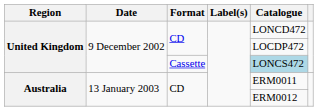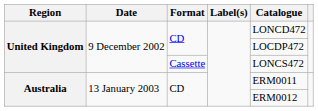 <table class="wikitable plainrowheaders">
 <tr>
 <th scope="col">Region</th>
 <th scope="col">Date</th>
 <th scope="col">Format</th>
 <th scope="col">Label(s)</th>
 <th scope="col">Catalogue</th>
 <th scope="col"></th>
 </tr>
 <tr>
 <th scope="row" rowspan="3">United Kingdom</th>
 <td rowspan="3">9 December 2002</td>
 <td rowspan="2"><a href='#'>CD</a></td>
 <td rowspan="5"></td>
 <td>LONCD472</td>
 <td rowspan="3" align="center"></td>
 </tr>
 <tr>
 <td>LOCDP472</td>
 </tr>
 <tr>
 <td><a href='#'>Cassette</a></td>
-<td style="background: lightblue;">LONCS472</td>
+<td>LONCS472</td>
 </tr>
 <tr>
 <th scope="row" rowspan="2">Australia</th>
 <td rowspan="2">13 January 2003</td>
 <td rowspan="2">CD</td>
 <td>ERM0011</td>
 <td rowspan="2" align="center"></td>
 </tr>
 <tr>
 <td>ERM0012</td>
 </tr>
 </table>
